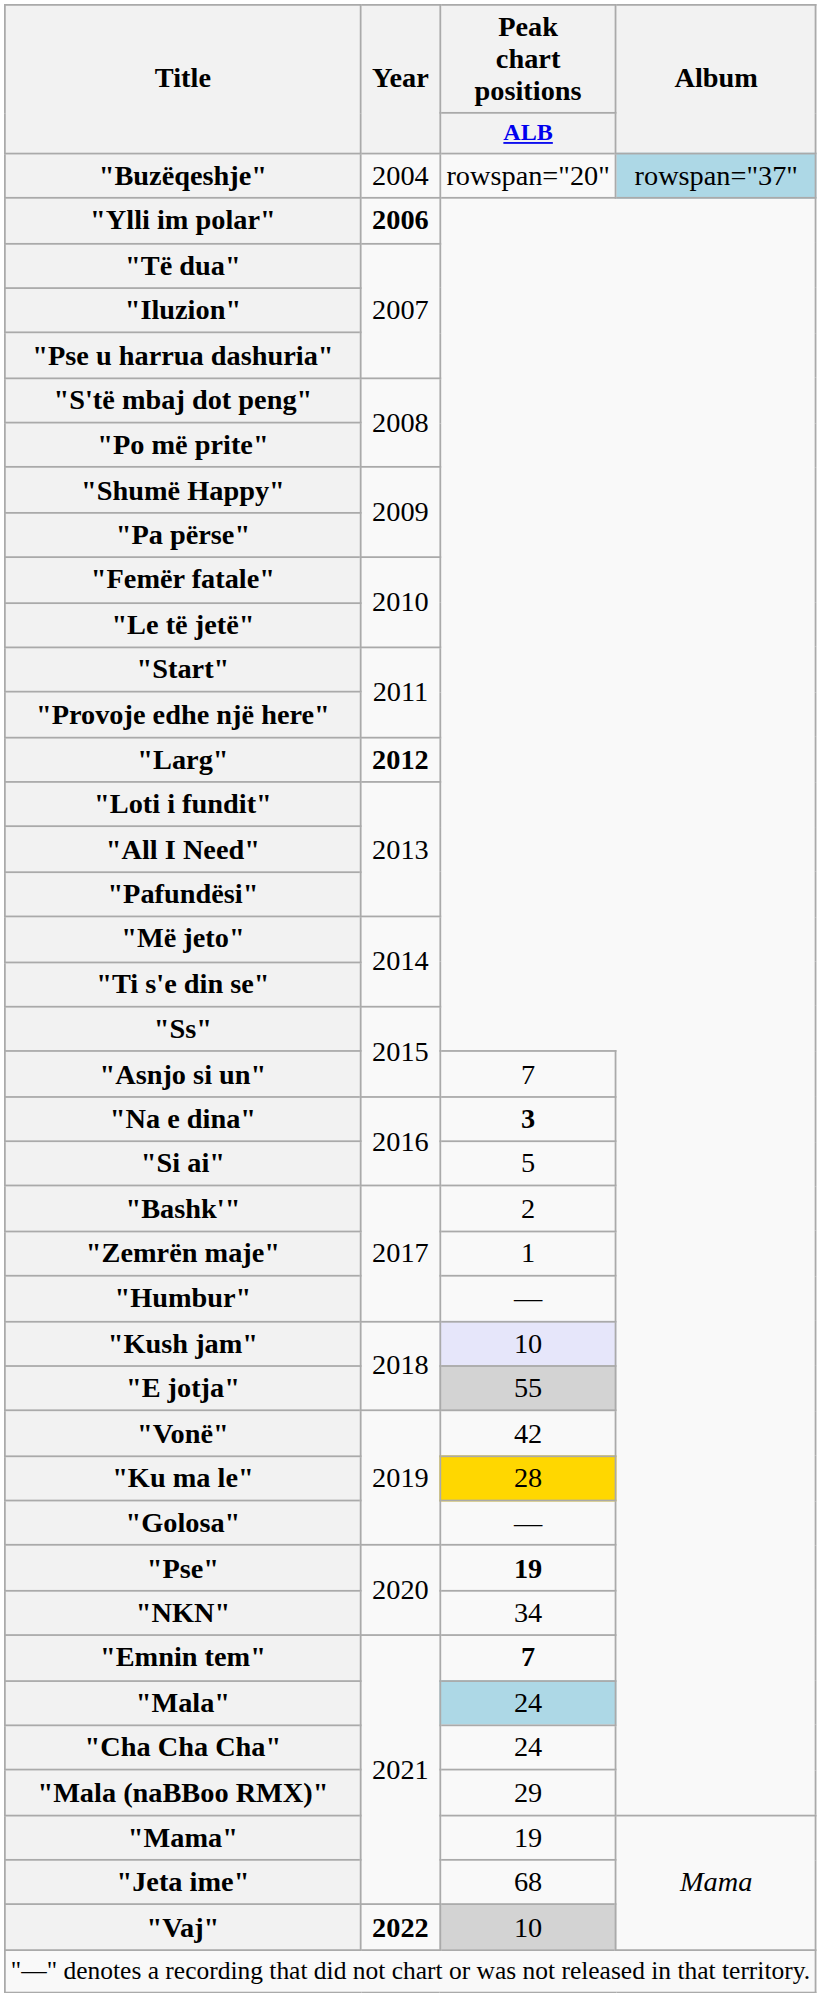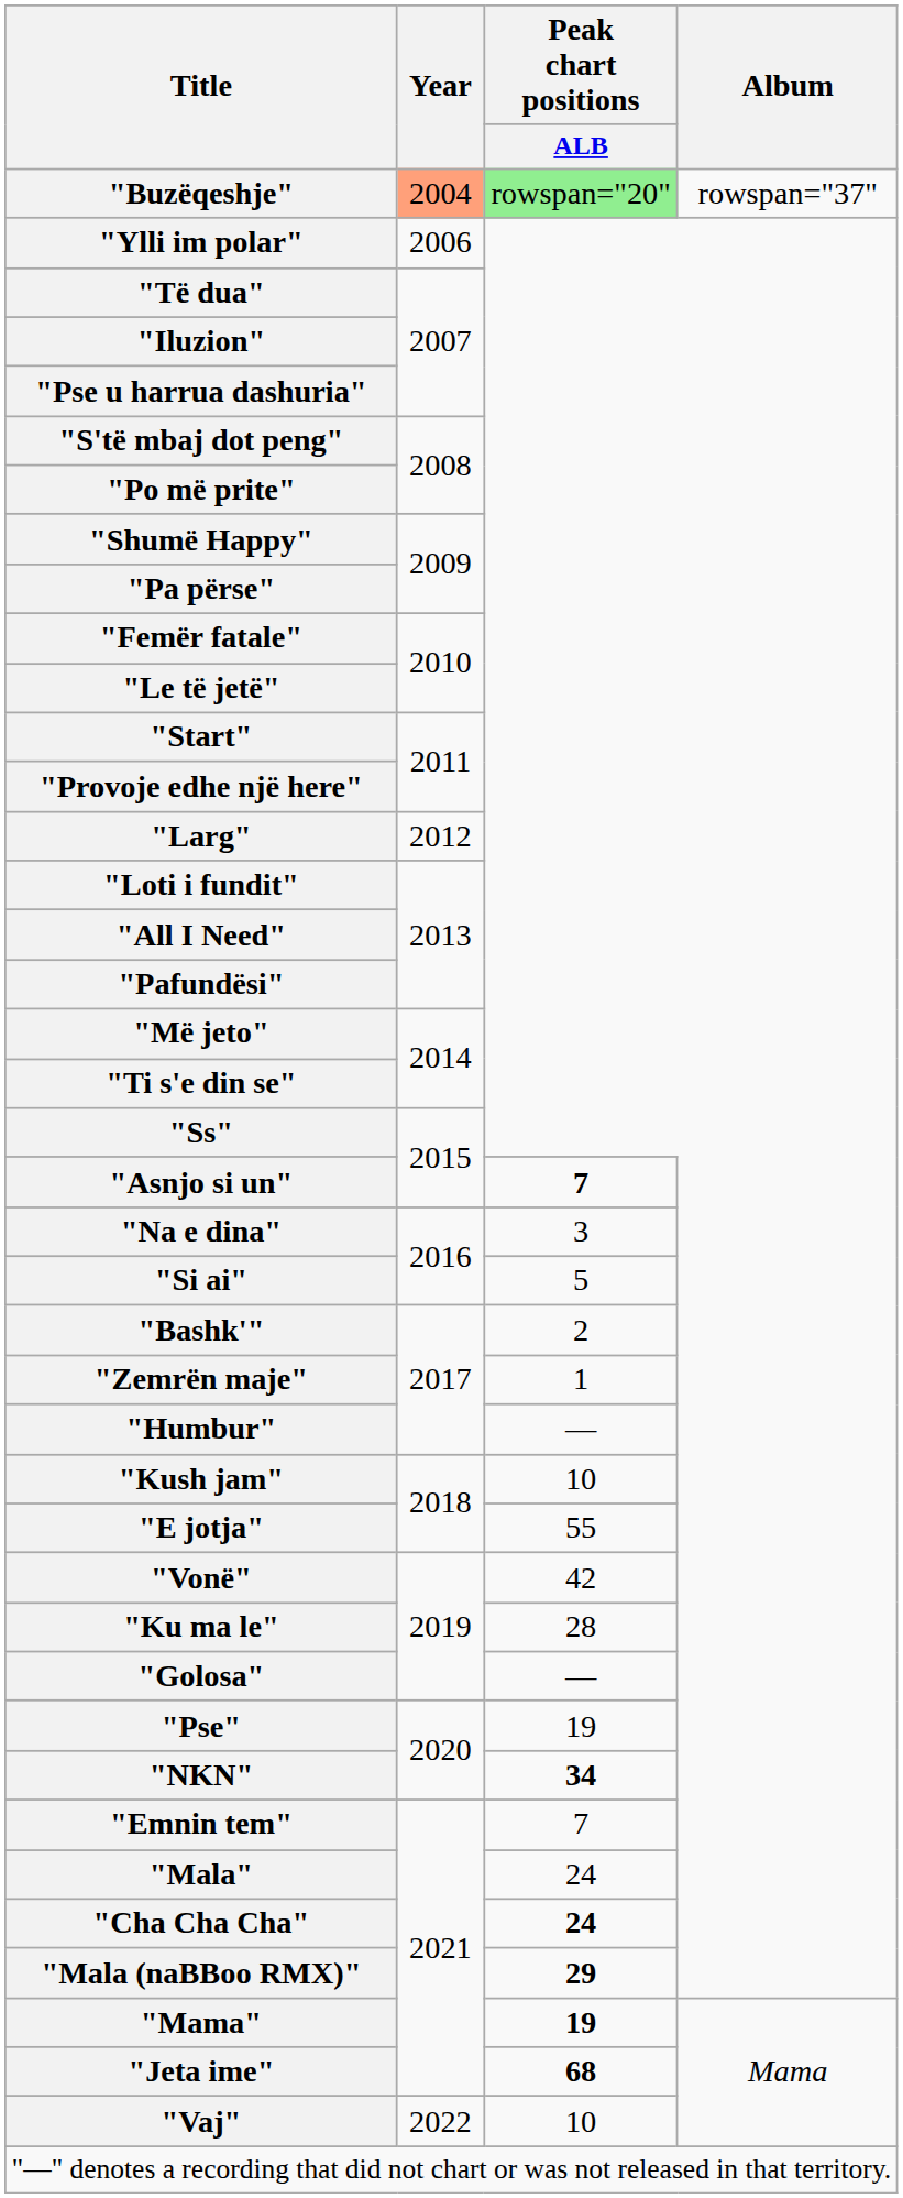 <table class="wikitable plainrowheaders" style="text-align:center;">
 <tr>
 <th scope="col" rowspan="2">Title</th>
 <th scope="col" rowspan="2">Year</th>
 <th scope="col" colspan="1">Peak<br>chart<br>positions</th>
 <th scope="col" rowspan="2">Album</th>
 </tr>
 <tr>
 <th scope="col" style="width:3em;font-size:85%;"><a href='#'>ALB</a><br></th>
 </tr>
 <tr>
 <th scope="row">"Buzëqeshje"</th>
-<td>2004</td>
-<td>rowspan="20" </td>
-<td style="background: lightblue;">rowspan="37" </td>
+<td style="background: lightsalmon;">2004</td>
+<td style="background: lightgreen;">rowspan="20" </td>
+<td>rowspan="37" </td>
 </tr>
 <tr>
 <th scope="row">"Ylli im polar"</th>
-<td><strong>2006</strong></td>
+<td>2006</td>
 </tr>
 <tr>
 <th scope="row">"Të dua"</th>
 <td rowspan="3">2007</td>
 </tr>
 <tr>
 <th scope="row">"Iluzion"</th>
 </tr>
 <tr>
 <th scope="row">"Pse u harrua dashuria"</th>
 </tr>
 <tr>
 <th scope="row">"S'të mbaj dot peng"</th>
 <td rowspan="2">2008</td>
 </tr>
 <tr>
 <th scope="row">"Po më prite"<br></th>
 </tr>
 <tr>
 <th scope="row">"Shumë Happy"<br></th>
 <td rowspan="2">2009</td>
 </tr>
 <tr>
 <th scope="row">"Pa përse"</th>
 </tr>
 <tr>
 <th scope="row">"Femër fatale"</th>
 <td rowspan="2">2010</td>
 </tr>
 <tr>
 <th scope="row">"Le të jetë"</th>
 </tr>
 <tr>
 <th scope="row">"Start"<br></th>
 <td rowspan="2">2011</td>
 </tr>
 <tr>
 <th scope="row">"Provoje edhe një here"</th>
 </tr>
 <tr>
 <th scope="row">"Larg"</th>
-<td><strong>2012</strong></td>
+<td>2012</td>
 </tr>
 <tr>
 <th scope="row">"Loti i fundit"</th>
 <td rowspan="3">2013</td>
 </tr>
 <tr>
 <th scope="row">"All I Need"<br></th>
 </tr>
 <tr>
 <th scope="row">"Pafundësi"<br></th>
 </tr>
 <tr>
 <th scope="row">"Më jeto"<br></th>
 <td rowspan="2">2014</td>
 </tr>
 <tr>
 <th scope="row">"Ti s'e din se"<br></th>
 </tr>
 <tr>
 <th scope="row">"Ss"<br></th>
 <td rowspan="2">2015</td>
 </tr>
 <tr>
 <th scope="row">"Asnjo si un"</th>
-<td>7</td>
+<td><strong>7</strong></td>
 </tr>
 <tr>
 <th scope="row">"Na e dina"<br></th>
 <td rowspan="2">2016</td>
-<td><strong>3</strong></td>
+<td>3</td>
 </tr>
 <tr>
 <th scope="row">"Si ai"</th>
 <td>5</td>
 </tr>
 <tr>
 <th scope="row">"Bashk'"<br></th>
 <td rowspan="3">2017</td>
 <td>2</td>
 </tr>
 <tr>
 <th scope="row">"Zemrën maje"</th>
 <td>1</td>
 </tr>
 <tr>
 <th scope="row">"Humbur"</th>
 <td>—</td>
 </tr>
 <tr>
 <th scope="row">"Kush jam"</th>
 <td rowspan="2">2018</td>
-<td style="background: lavender;">10</td>
+<td>10</td>
 </tr>
 <tr>
 <th scope="row">"E jotja"</th>
-<td style="background: lightgrey;">55</td>
+<td>55</td>
 </tr>
 <tr>
 <th scope="row">"Vonë"<br></th>
 <td rowspan="3">2019</td>
 <td>42</td>
 </tr>
 <tr>
 <th scope="row">"Ku ma le"</th>
-<td style="background: gold;">28</td>
+<td>28</td>
 </tr>
 <tr>
 <th scope="row">"Golosa"</th>
 <td>—</td>
 </tr>
 <tr>
 <th scope="row">"Pse"</th>
 <td rowspan="2">2020</td>
-<td><strong>19</strong></td>
+<td>19</td>
 </tr>
 <tr>
 <th scope="row">"NKN"<br></th>
-<td>34</td>
+<td><strong>34</strong></td>
 </tr>
 <tr>
 <th scope="row">"Emnin tem"</th>
 <td rowspan="6">2021</td>
-<td><strong>7</strong></td>
+<td>7</td>
 </tr>
 <tr>
 <th scope="row">"Mala"</th>
-<td style="background: lightblue;">24</td>
+<td>24</td>
 </tr>
 <tr>
 <th scope="row">"Cha Cha Cha"</th>
-<td>24</td>
+<td><strong>24</strong></td>
 </tr>
 <tr>
 <th scope="row">"Mala (naBBoo RMX)"</th>
-<td>29</td>
+<td><strong>29</strong></td>
 </tr>
 <tr>
 <th scope="row">"Mama"</th>
-<td>19</td>
+<td><strong>19</strong></td>
 <td rowspan="3"><em>Mama</em></td>
 </tr>
 <tr>
 <th scope="row">"Jeta ime"</th>
-<td>68</td>
+<td><strong>68</strong></td>
 </tr>
 <tr>
 <th scope="row">"Vaj"</th>
-<td rowspan="1"><strong>2022</strong></td>
-<td style="background: lightgrey;">10</td>
+<td rowspan="1">2022</td>
+<td>10</td>
 </tr>
 <tr>
 <td colspan="11" style="font-size:90%">"—" denotes a recording that did not chart or was not released in that territory.</td>
 </tr>
 </table>
